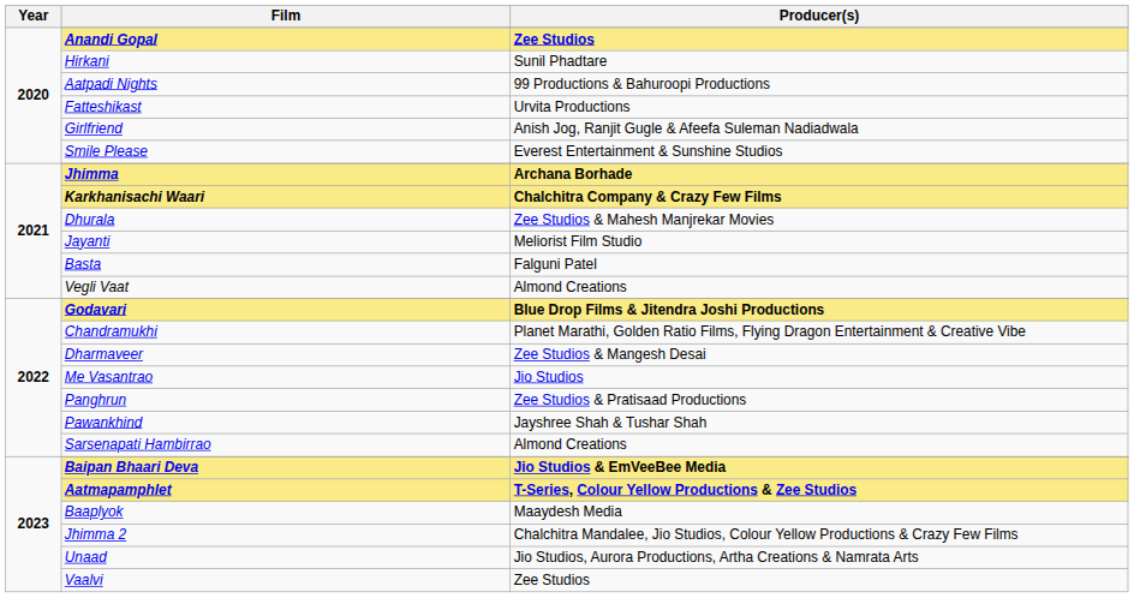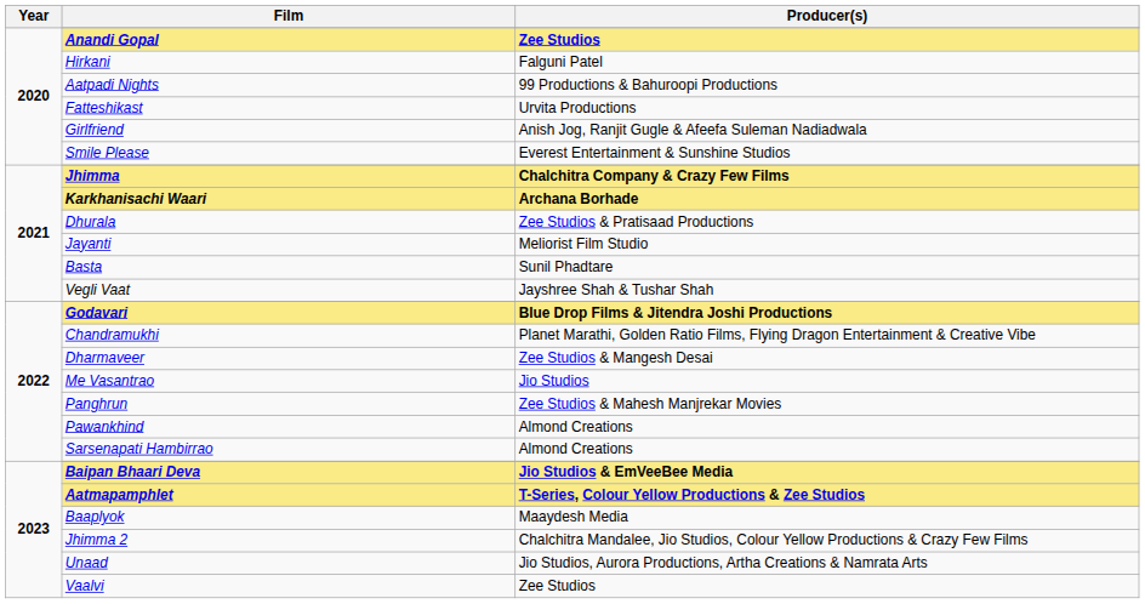 <table class="wikitable" style="width:100%">
 <tr bgcolor="#bebebe">
 <th width="5%">Year</th>
 <th width="40%">Film</th>
 <th width="55%">Producer(s)</th>
 </tr>
 <tr>
 <td rowspan="7" style="text-align:center"><strong>2020</strong></td>
 </tr>
 <tr style="background:#FAEB86">
 <td><strong><em><a href='#'>Anandi Gopal</a></em></strong></td>
 <td><strong><a href='#'>Zee Studios</a></strong></td>
 </tr>
 <tr>
 <td><em><a href='#'>Hirkani</a></em></td>
-<td>Sunil Phadtare</td>
+<td>Falguni Patel</td>
 </tr>
 <tr>
 <td><em><a href='#'>Aatpadi Nights</a></em></td>
 <td>99 Productions & Bahuroopi Productions</td>
 </tr>
 <tr>
 <td><em><a href='#'>Fatteshikast</a></em></td>
 <td>Urvita Productions</td>
 </tr>
 <tr>
 <td><em><a href='#'>Girlfriend</a></em></td>
 <td>Anish Jog, Ranjit Gugle & Afeefa Suleman Nadiadwala</td>
 </tr>
 <tr>
 <td><em><a href='#'>Smile Please</a></em></td>
 <td>Everest Entertainment & Sunshine Studios</td>
 </tr>
 <tr>
 <td rowspan="7" style="text-align:center"><strong>2021</strong></td>
 </tr>
 <tr style="background:#FAEB86">
 <td><strong><em><a href='#'>Jhimma</a></em></strong></td>
-<td><strong>Archana Borhade</strong></td>
+<td><strong>Chalchitra Company & Crazy Few Films</strong></td>
 </tr>
 <tr style="background:#FAEB86">
 <td><strong><em>Karkhanisachi Waari</em></strong></td>
-<td><strong>Chalchitra Company & Crazy Few Films</strong></td>
+<td><strong>Archana Borhade</strong></td>
 </tr>
 <tr>
 <td><em><a href='#'>Dhurala</a></em></td>
-<td><a href='#'>Zee Studios</a> & Mahesh Manjrekar Movies</td>
+<td><a href='#'>Zee Studios</a> & Pratisaad Productions</td>
 </tr>
 <tr>
 <td><em><a href='#'>Jayanti</a></em></td>
 <td>Meliorist Film Studio</td>
 </tr>
 <tr>
 <td><em><a href='#'>Basta</a></em></td>
-<td>Falguni Patel</td>
+<td>Sunil Phadtare</td>
 </tr>
 <tr>
 <td><em>Vegli Vaat</em></td>
-<td>Almond Creations</td>
+<td>Jayshree Shah & Tushar Shah</td>
 </tr>
 <tr>
 <td rowspan="8" style="text-align:center"><strong>2022</strong></td>
 </tr>
 <tr style="background:#FAEB86">
 <td><strong><em><a href='#'>Godavari</a></em></strong></td>
 <td><strong>Blue Drop Films & Jitendra Joshi Productions</strong></td>
 </tr>
 <tr>
 <td><em><a href='#'>Chandramukhi</a></em></td>
 <td>Planet Marathi, Golden Ratio Films, Flying Dragon Entertainment & Creative Vibe</td>
 </tr>
 <tr>
 <td><em><a href='#'>Dharmaveer</a></em></td>
 <td><a href='#'>Zee Studios</a> & Mangesh Desai</td>
 </tr>
 <tr>
 <td><em><a href='#'>Me Vasantrao</a></em></td>
 <td><a href='#'>Jio Studios</a></td>
 </tr>
 <tr>
 <td><em><a href='#'>Panghrun</a></em></td>
-<td><a href='#'>Zee Studios</a> & Pratisaad Productions</td>
+<td><a href='#'>Zee Studios</a> & Mahesh Manjrekar Movies</td>
 </tr>
 <tr>
 <td><em><a href='#'>Pawankhind</a></em></td>
-<td>Jayshree Shah & Tushar Shah</td>
+<td>Almond Creations</td>
 </tr>
 <tr>
 <td><em><a href='#'>Sarsenapati Hambirrao</a></em></td>
 <td>Almond Creations</td>
 </tr>
 <tr>
 <td rowspan="7" style="text-align:center"><strong>2023</strong></td>
 </tr>
 <tr style="background:#FAEB86">
 <td><strong><em><a href='#'>Baipan Bhaari Deva</a></em></strong></td>
 <td><strong><a href='#'>Jio Studios</a> &  EmVeeBee Media</strong></td>
 </tr>
 <tr style="background:#FAEB86">
 <td><strong><em><a href='#'>Aatmapamphlet</a></em></strong></td>
 <td><strong><a href='#'>T-Series</a>, <a href='#'>Colour Yellow Productions</a> & <a href='#'>Zee Studios</a></strong></td>
 </tr>
 <tr>
 <td><em><a href='#'>Baaplyok</a></em></td>
 <td>Maaydesh Media</td>
 </tr>
 <tr>
 <td><em><a href='#'>Jhimma 2</a></em></td>
 <td>Chalchitra Mandalee, Jio Studios, Colour Yellow Productions & Crazy Few Films</td>
 </tr>
 <tr>
 <td><em><a href='#'>Unaad</a></em></td>
 <td>Jio Studios, Aurora Productions, Artha Creations & Namrata Arts</td>
 </tr>
 <tr>
 <td><em><a href='#'>Vaalvi</a></em></td>
 <td>Zee Studios</td>
 </tr>
 </table>
